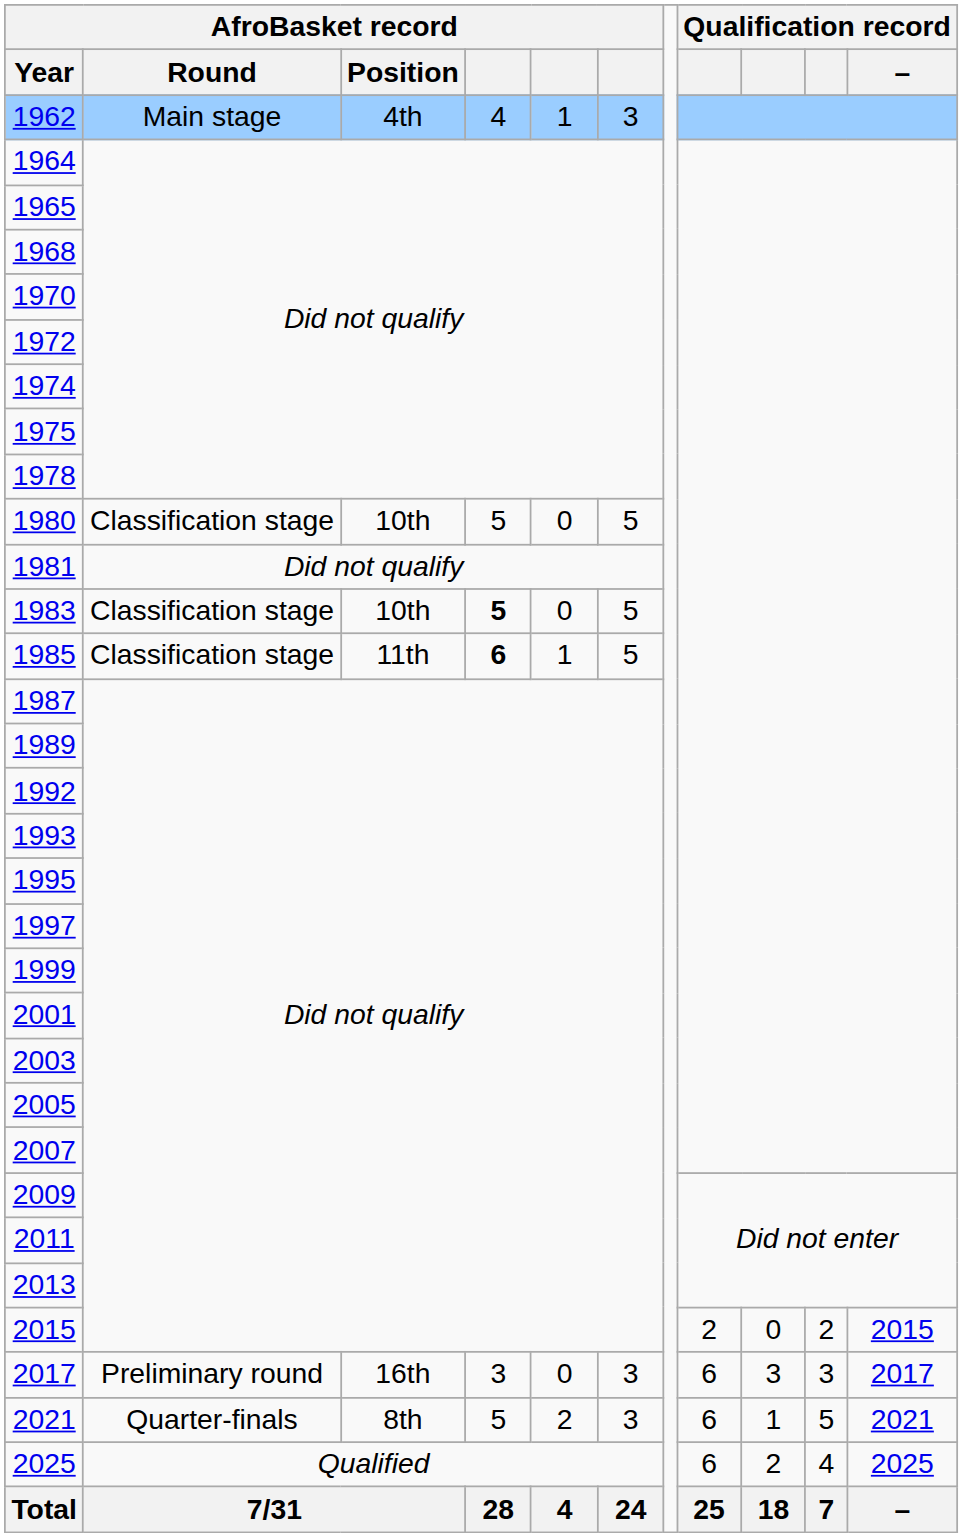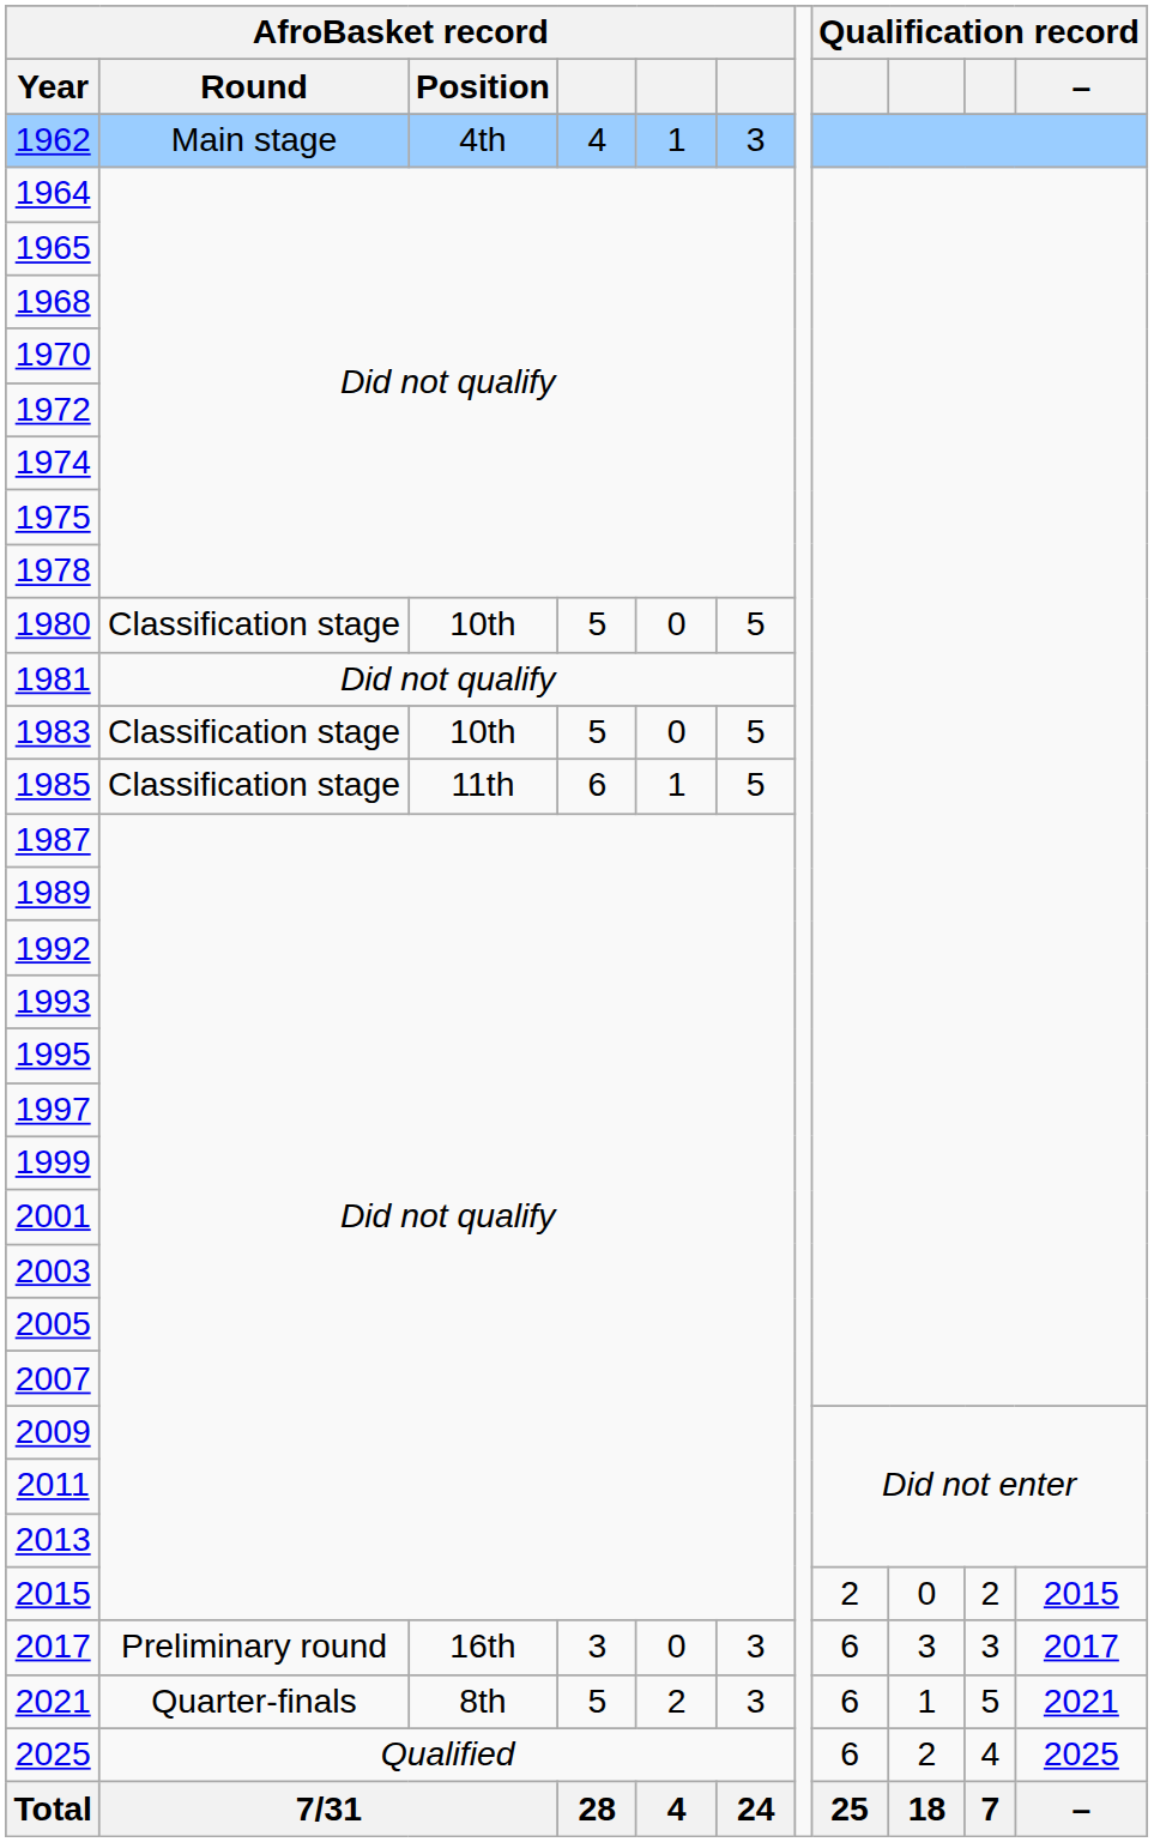 <table class="wikitable" style="text-align:center;">
 <tr>
 <th colspan="6">AfroBasket record</th>
 <td rowspan="34"></td>
 <th colspan="4">Qualification record</th>
 </tr>
 <tr>
 <th>Year</th>
 <th>Round</th>
 <th>Position</th>
 <th width="30"></th>
 <th width="30"></th>
 <th width="30"></th>
 <th></th>
 <th></th>
 <th></th>
 <th>–</th>
 </tr>
 <tr bgcolor="#9acdff">
 <td> <a href='#'>1962</a></td>
 <td>Main stage</td>
 <td>4th</td>
 <td>4</td>
 <td>1</td>
 <td>3</td>
 <td colspan="4"></td>
 </tr>
 <tr>
 <td> <a href='#'>1964</a></td>
 <td colspan="5" rowspan="8"><em>Did not qualify</em></td>
 <td colspan="4" rowspan="23"></td>
 </tr>
 <tr>
 <td> <a href='#'>1965</a></td>
 </tr>
 <tr>
 <td> <a href='#'>1968</a></td>
 </tr>
 <tr>
 <td> <a href='#'>1970</a></td>
 </tr>
 <tr>
 <td> <a href='#'>1972</a></td>
 </tr>
 <tr>
 <td> <a href='#'>1974</a></td>
 </tr>
 <tr>
 <td> <a href='#'>1975</a></td>
 </tr>
 <tr>
 <td> <a href='#'>1978</a></td>
 </tr>
 <tr>
 <td> <a href='#'>1980</a></td>
 <td>Classification stage</td>
 <td>10th</td>
 <td>5</td>
 <td>0</td>
 <td>5</td>
 </tr>
 <tr>
 <td> <a href='#'>1981</a></td>
 <td colspan="5"><em>Did not qualify</em></td>
 </tr>
 <tr>
 <td> <a href='#'>1983</a></td>
 <td>Classification stage</td>
 <td>10th</td>
-<td><strong>5</strong></td>
+<td>5</td>
 <td>0</td>
 <td>5</td>
 </tr>
 <tr>
 <td> <a href='#'>1985</a></td>
 <td>Classification stage</td>
 <td>11th</td>
-<td><strong>6</strong></td>
+<td>6</td>
 <td>1</td>
 <td>5</td>
 </tr>
 <tr>
 <td> <a href='#'>1987</a></td>
 <td colspan="5" rowspan="15"><em>Did not qualify</em></td>
 </tr>
 <tr>
 <td> <a href='#'>1989</a></td>
 </tr>
 <tr>
 <td> <a href='#'>1992</a></td>
 </tr>
 <tr>
 <td> <a href='#'>1993</a></td>
 </tr>
 <tr>
 <td> <a href='#'>1995</a></td>
 </tr>
 <tr>
 <td> <a href='#'>1997</a></td>
 </tr>
 <tr>
 <td> <a href='#'>1999</a></td>
 </tr>
 <tr>
 <td> <a href='#'>2001</a></td>
 </tr>
 <tr>
 <td> <a href='#'>2003</a></td>
 </tr>
 <tr>
 <td> <a href='#'>2005</a></td>
 </tr>
 <tr>
 <td> <a href='#'>2007</a></td>
 </tr>
 <tr>
 <td> <a href='#'>2009</a></td>
 <td colspan="4" rowspan="3"><em>Did not enter</em></td>
 </tr>
 <tr>
 <td> <a href='#'>2011</a></td>
 </tr>
 <tr>
 <td> <a href='#'>2013</a></td>
 </tr>
 <tr>
 <td> <a href='#'>2015</a></td>
 <td>2</td>
 <td>0</td>
 <td>2</td>
 <td><a href='#'>2015</a></td>
 </tr>
 <tr>
 <td>  <a href='#'>2017</a></td>
 <td>Preliminary round</td>
 <td>16th</td>
 <td>3</td>
 <td>0</td>
 <td>3</td>
 <td>6</td>
 <td>3</td>
 <td>3</td>
 <td><a href='#'>2017</a></td>
 </tr>
 <tr>
 <td> <a href='#'>2021</a></td>
 <td>Quarter-finals</td>
 <td>8th</td>
 <td>5</td>
 <td>2</td>
 <td>3</td>
 <td>6</td>
 <td>1</td>
 <td>5</td>
 <td><a href='#'>2021</a></td>
 </tr>
 <tr>
 <td> <a href='#'>2025</a></td>
 <td colspan="5"><em>Qualified</em></td>
 <td>6</td>
 <td>2</td>
 <td>4</td>
 <td><a href='#'>2025</a></td>
 </tr>
 <tr>
 <th>Total</th>
 <th colspan="2">7/31</th>
 <th>28</th>
 <th>4</th>
 <th>24</th>
 <th>25</th>
 <th>18</th>
 <th>7</th>
 <th>–</th>
 </tr>
 </table>
